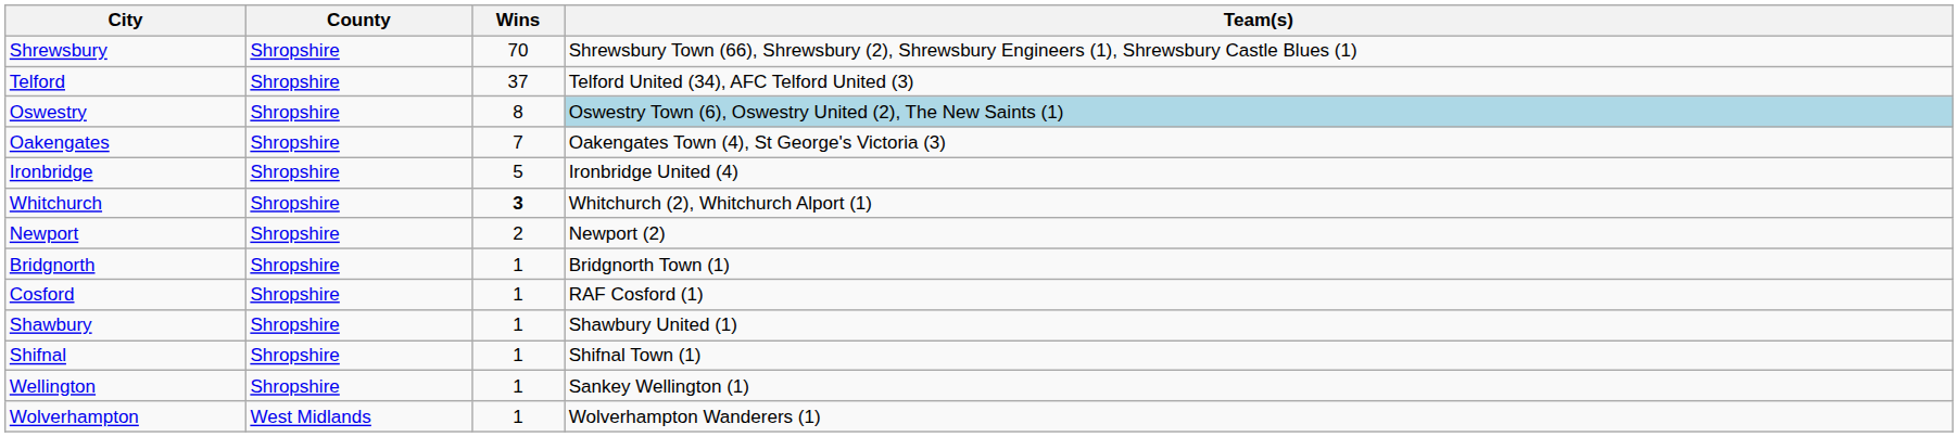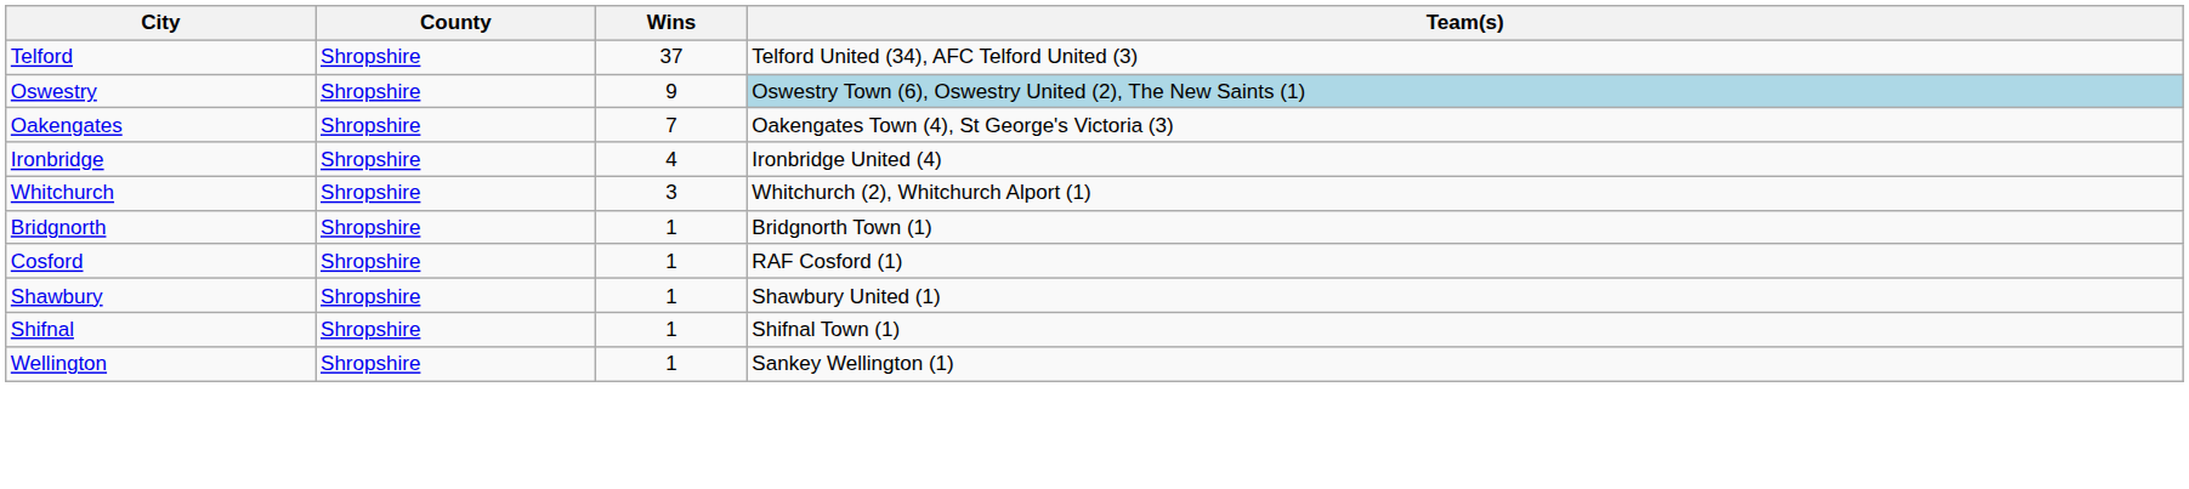 <table class="wikitable sortable" style="text-align: center; width: 100%; font-size: 12px">
 <tr>
 <th>City</th>
 <th>County</th>
 <th>Wins</th>
 <th>Team(s)</th>
-</tr>
-<tr>
-<td style="text-align: left"><a href='#'>Shrewsbury</a></td>
-<td style="text-align: left"> <a href='#'>Shropshire</a></td>
-<td>70</td>
-<td style="text-align: left">Shrewsbury Town (66), Shrewsbury (2), Shrewsbury Engineers (1), Shrewsbury Castle Blues (1)</td>
 </tr>
 <tr>
 <td style="text-align: left"><a href='#'>Telford</a></td>
 <td style="text-align: left"> <a href='#'>Shropshire</a></td>
 <td>37</td>
 <td style="text-align: left">Telford United (34), AFC Telford United (3)</td>
 </tr>
 <tr>
 <td style="text-align: left"><a href='#'>Oswestry</a></td>
 <td style="text-align: left"> <a href='#'>Shropshire</a></td>
-<td>8</td>
+<td>9</td>
 <td style="background: lightblue; text-align: left">Oswestry Town (6), Oswestry United (2),  The New Saints (1)</td>
 </tr>
 <tr>
 <td style="text-align: left"><a href='#'>Oakengates</a></td>
 <td style="text-align: left"> <a href='#'>Shropshire</a></td>
 <td>7</td>
 <td style="text-align: left">Oakengates Town (4), St George's Victoria (3)</td>
 </tr>
 <tr>
 <td style="text-align: left"><a href='#'>Ironbridge</a></td>
 <td style="text-align: left"> <a href='#'>Shropshire</a></td>
-<td>5</td>
+<td>4</td>
 <td style="text-align: left">Ironbridge United (4)</td>
 </tr>
 <tr>
 <td style="text-align: left"><a href='#'>Whitchurch</a></td>
 <td style="text-align: left"> <a href='#'>Shropshire</a></td>
-<td><strong>3</strong></td>
+<td>3</td>
 <td style="text-align: left">Whitchurch (2), Whitchurch Alport (1)</td>
-</tr>
-<tr>
-<td style="text-align: left"><a href='#'>Newport</a></td>
-<td style="text-align: left"> <a href='#'>Shropshire</a></td>
-<td>2</td>
-<td style="text-align: left">Newport (2)</td>
 </tr>
 <tr>
 <td style="text-align: left"><a href='#'>Bridgnorth</a></td>
 <td style="text-align: left"> <a href='#'>Shropshire</a></td>
 <td>1</td>
 <td style="text-align: left">Bridgnorth Town (1)</td>
 </tr>
 <tr>
 <td style="text-align: left"><a href='#'>Cosford</a></td>
 <td style="text-align: left"> <a href='#'>Shropshire</a></td>
 <td>1</td>
 <td style="text-align: left">RAF Cosford (1)</td>
 </tr>
 <tr>
 <td style="text-align: left"><a href='#'>Shawbury</a></td>
 <td style="text-align: left"> <a href='#'>Shropshire</a></td>
 <td>1</td>
 <td style="text-align: left">Shawbury United (1)</td>
 </tr>
 <tr>
 <td style="text-align: left"><a href='#'>Shifnal</a></td>
 <td style="text-align: left"> <a href='#'>Shropshire</a></td>
 <td>1</td>
 <td style="text-align: left">Shifnal Town (1)</td>
 </tr>
 <tr>
 <td style="text-align: left"><a href='#'>Wellington</a></td>
 <td style="text-align: left"> <a href='#'>Shropshire</a></td>
 <td>1</td>
 <td style="text-align: left">Sankey Wellington (1)</td>
 </tr>
-<tr>
-<td style="text-align: left"><a href='#'>Wolverhampton</a></td>
-<td style="text-align: left"> <a href='#'>West Midlands</a></td>
-<td>1</td>
-<td style="text-align: left">Wolverhampton Wanderers (1)</td>
-</tr>
 </table>
